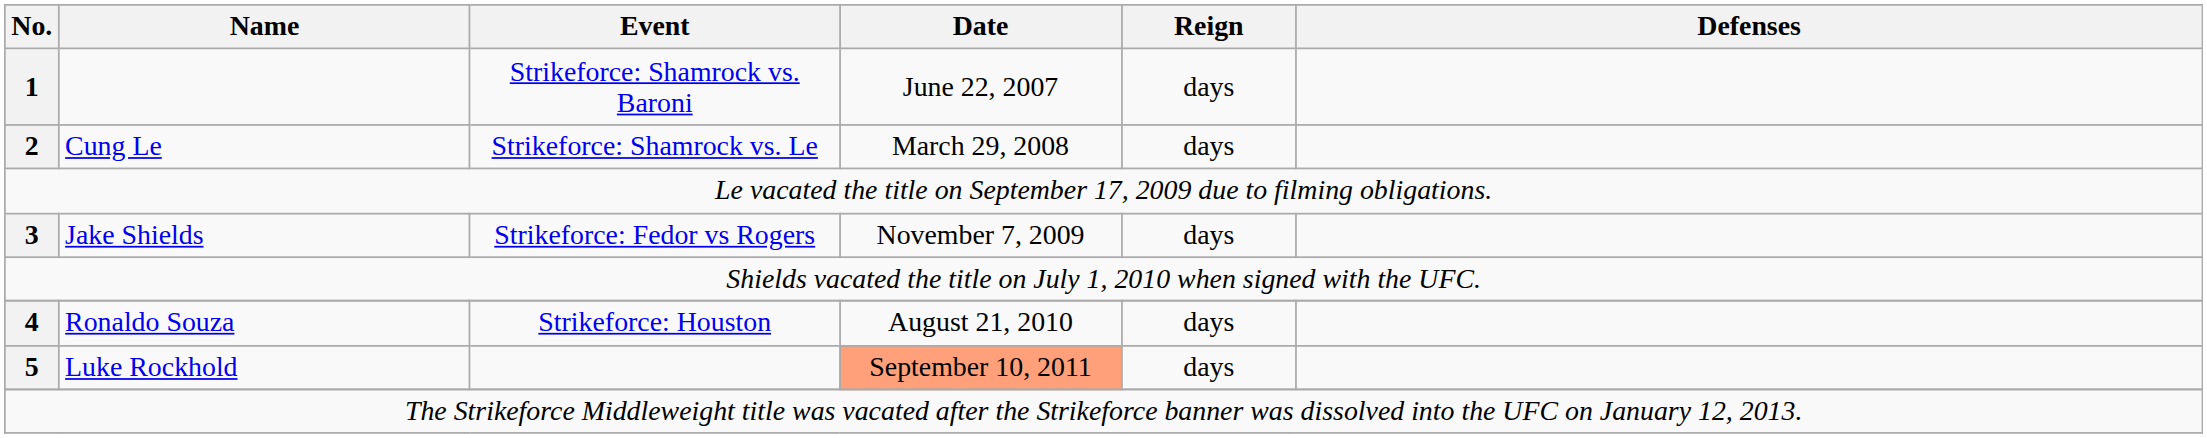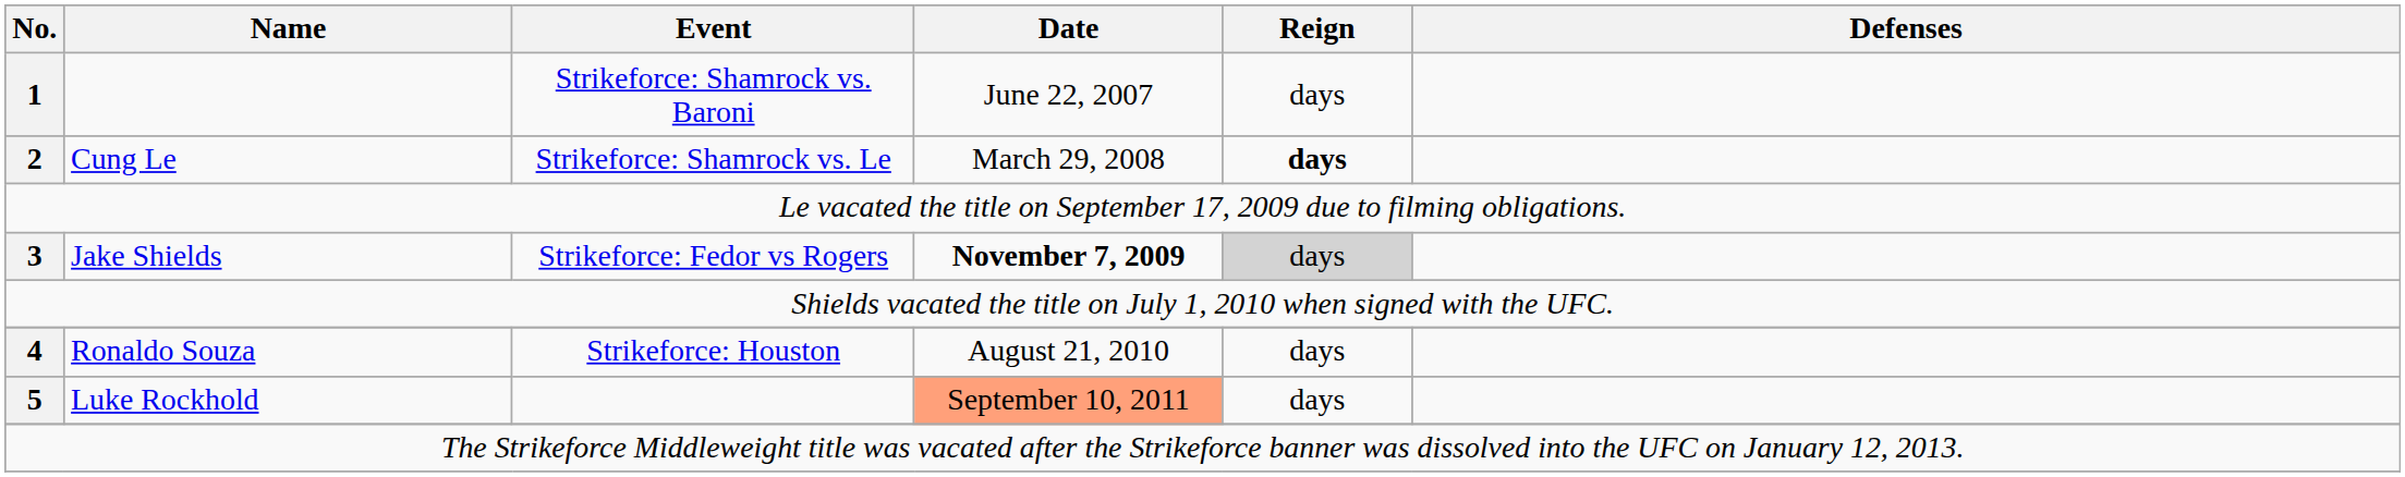 <table class="wikitable" width=100% style="text-align: center;">
 <tr>
 <th width=1%>No.</th>
 <th width=19%>Name</th>
 <th width=17%>Event</th>
 <th width=13%>Date</th>
 <th width=8%>Reign</th>
 <th width=50%>Defenses</th>
 </tr>
 <tr>
 <th>1</th>
 <td align=left><br></td>
 <td><a href='#'>Strikeforce: Shamrock vs. Baroni</a> <br></td>
 <td>June 22, 2007</td>
 <td> days</td>
 <td></td>
 </tr>
 <tr>
 <th>2</th>
 <td align=left> <a href='#'>Cung Le</a></td>
 <td><a href='#'>Strikeforce: Shamrock vs. Le</a><br></td>
 <td>March 29, 2008</td>
-<td> days</td>
+<td><strong> days</strong></td>
 <td></td>
 </tr>
 <tr>
 <td align=center colspan=6><em>Le vacated the title on September 17, 2009 due to filming obligations.</em></td>
 </tr>
 <tr>
 <th>3</th>
 <td align=left> <a href='#'>Jake Shields</a><br></td>
 <td><a href='#'>Strikeforce: Fedor vs Rogers</a><br></td>
-<td>November 7, 2009</td>
-<td> days</td>
+<td><strong>November 7, 2009</strong></td>
+<td style="background: lightgrey;"> days</td>
 <td align=left></td>
 </tr>
 <tr>
 <td align=center colspan=6><em>Shields vacated the title on July 1, 2010 when signed with the UFC.</em></td>
 </tr>
 <tr>
 </tr>
 <tr>
 <th>4</th>
 <td align=left> <a href='#'>Ronaldo Souza</a><br></td>
 <td><a href='#'>Strikeforce: Houston</a><br></td>
 <td>August 21, 2010</td>
 <td> days</td>
 <td align=left></td>
 </tr>
 <tr>
 <th>5</th>
 <td align=left> <a href='#'>Luke Rockhold</a></td>
 <td><br></td>
 <td style="background: lightsalmon;">September 10, 2011</td>
 <td> days</td>
 <td align=left><br></td>
 </tr>
 <tr>
 </tr>
 <tr>
 <td align=center colspan=6><em>The Strikeforce Middleweight title was vacated after the Strikeforce banner was dissolved into the UFC on January 12, 2013.</em></td>
 </tr>
 </table>
